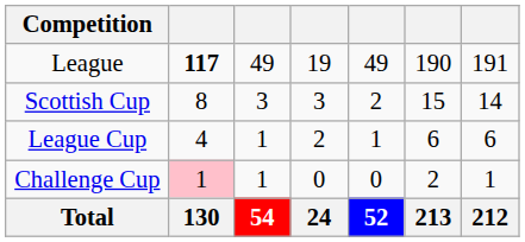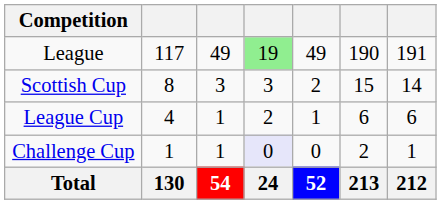 <table class="wikitable" style="text-align:center">
 <tr>
 <th width="100">Competition</th>
 <th width="35"></th>
 <th width="30"></th>
 <th width="30"></th>
 <th width="30"></th>
 <th width="30"></th>
 <th width="30"></th>
 </tr>
 <tr>
 <td>League</td>
-<td><strong>117</strong></td>
+<td>117</td>
 <td>49</td>
-<td>19</td>
+<td style="background: lightgreen;">19</td>
 <td>49</td>
 <td>190</td>
 <td>191</td>
 </tr>
 <tr>
 <td><a href='#'>Scottish Cup</a></td>
 <td>8</td>
 <td>3</td>
 <td>3</td>
 <td>2</td>
 <td>15</td>
 <td>14</td>
 </tr>
 <tr>
 <td><a href='#'>League Cup</a></td>
 <td>4</td>
 <td>1</td>
 <td>2</td>
 <td>1</td>
 <td>6</td>
 <td>6</td>
 </tr>
 <tr>
 <td><a href='#'>Challenge Cup</a></td>
-<td style="background: pink;">1</td>
 <td>1</td>
-<td>0</td>
+<td>1</td>
+<td style="background: lavender;">0</td>
 <td>0</td>
 <td>2</td>
 <td>1</td>
 </tr>
 <tr>
 <th>Total</th>
 <th>130</th>
 <th style="text-align:center; color:white; background:#FF0000;">54</th>
 <th>24</th>
 <th style="text-align:center; color:white; background:#0000FF;">52</th>
 <th>213</th>
 <th>212</th>
 </tr>
 </table>
